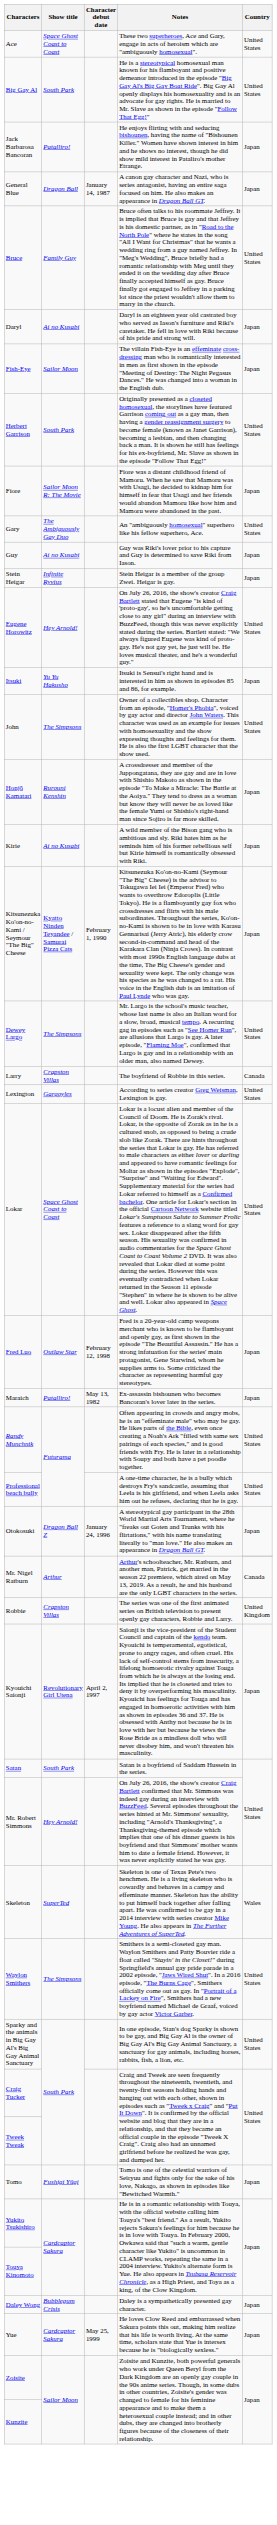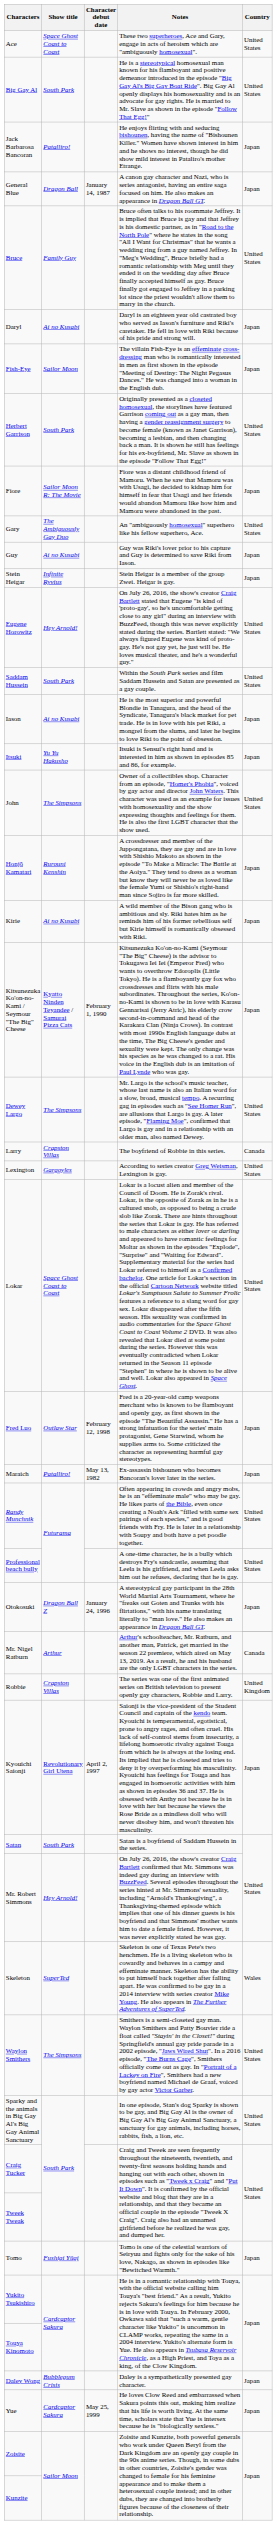 <table class="wikitable sortable collapsible collapsed" style="width: 100%">
 <tr>
 <th scope="col" style="width:12%;">Characters</th>
 <th scope="col" style="width:10%;">Show title</th>
 <th scope="col" style="width:12%;">Character debut date</th>
 <th>Notes</th>
 <th>Country</th>
 </tr>
 <tr>
 <td>Ace</td>
 <td><em><a href='#'>Space Ghost Coast to Coast</a></em></td>
 <td></td>
 <td>These two <a href='#'>superheroes</a>, Ace and Gary, engage in acts of heroism which are "ambiguously <a href='#'>homosexual</a>".</td>
 <td>United States</td>
 </tr>
 <tr>
 <td><a href='#'>Big Gay Al</a></td>
 <td><em><a href='#'>South Park</a></em></td>
 <td></td>
 <td>He is a <a href='#'>stereotypical</a> homosexual man known for his flamboyant and positive demeanor introduced in the episode "<a href='#'>Big Gay Al's Big Gay Boat Ride</a>". Big Gay Al openly displays his homosexuality and is an advocate for gay rights. He is married to Mr. Slave as shown in the episode "<a href='#'>Follow That Egg!</a>"</td>
 <td>United States</td>
 </tr>
 <tr>
 <td>Jack Barbarosa Bancoran</td>
 <td><em><a href='#'>Patalliro!</a></em></td>
 <td></td>
 <td>He enjoys flirting with and seducing <a href='#'>bishounen</a>, having the name of "Bishounen Killer." Women have shown interest in him and he shows no interest, though he did show mild interest in Pataliro's mother Etrange.</td>
 <td>Japan</td>
 </tr>
 <tr>
 <td>General Blue</td>
 <td><em><a href='#'>Dragon Ball</a></em></td>
 <td>January 14, 1987</td>
 <td>A canon gay character and Nazi, who is series antagonist, having an entire saga focused on him. He also makes an appearance in <em><a href='#'>Dragon Ball GT</a>.</em></td>
 <td>Japan</td>
 </tr>
 <tr>
 <td><a href='#'>Bruce</a></td>
 <td><em><a href='#'>Family Guy</a></em></td>
 <td></td>
 <td>Bruce often talks to his roommate Jeffrey. It is implied that Bruce is gay and that Jeffrey is his domestic partner, as in "<a href='#'>Road to the North Pole</a>" where he states in the song "All I Want for Christmas" that he wants a wedding ring from a guy named Jeffrey. In "Meg's Wedding", Bruce briefly had a romantic relationship with Meg until they ended it on the wedding day after Bruce finally accepted himself as gay. Bruce finally got engaged to Jeffrey in a parking lot since the priest wouldn't allow them to marry in the church.</td>
 <td>United States</td>
 </tr>
 <tr>
 <td>Daryl</td>
 <td><em><a href='#'>Ai no Kusabi</a></em></td>
 <td></td>
 <td>Daryl is an eighteen year old castrated boy who served as Iason's furniture and Riki's caretaker. He fell in love with Riki because of his pride and strong will.</td>
 <td>Japan</td>
 </tr>
 <tr>
 <td><a href='#'>Fish-Eye</a></td>
 <td><em><a href='#'>Sailor Moon</a></em></td>
 <td></td>
 <td>The villain Fish-Eye is an <a href='#'>effeminate</a> <a href='#'>cross-dressing</a> man who is romantically interested in men as first shown in the episode "Meeting of Destiny: The Night Pegasus Dances." He was changed into a woman in the English dub.</td>
 <td>Japan</td>
 </tr>
 <tr>
 <td><a href='#'>Herbert Garrison</a></td>
 <td><em><a href='#'>South Park</a></em></td>
 <td></td>
 <td>Originally presented as a <a href='#'>closeted homosexual</a>, the storylines have featured Garrison <a href='#'>coming out</a> as a gay man, then having a <a href='#'>gender reassignment surgery</a> to become female (known as Janet Garrison), becoming a lesbian, and then changing back a man. It is shown he still has feelings for his ex-boyfriend, Mr. Slave as shown in the episode "Follow That Egg!"</td>
 <td>United States</td>
 </tr>
 <tr>
 <td>Fiore</td>
 <td><em><a href='#'>Sailor Moon R: The Movie</a></em></td>
 <td></td>
 <td>Fiore was a distant childhood friend of Mamoru. When he saw that Mamoru was with Usagi, he decided to kidnap him for himself in fear that Usagi and her friends would abandon Mamoru like how him and Mamoru were abandoned in the past.</td>
 <td>Japan</td>
 </tr>
 <tr>
 <td>Gary</td>
 <td><em><a href='#'>The Ambiguously Gay Duo</a></em></td>
 <td></td>
 <td>An "ambiguously <a href='#'>homosexual</a>" superhero like his fellow superhero, Ace.</td>
 <td>United States</td>
 </tr>
 <tr>
 <td>Guy</td>
 <td><em><a href='#'>Ai no Kusabi</a></em></td>
 <td></td>
 <td>Guy was Riki's lover prior to his capture and Guy is determined to save Riki from Iason.</td>
 <td>Japan</td>
 </tr>
 <tr>
 <td>Stein Heigar</td>
 <td><em><a href='#'>Infinite Ryvius</a></em></td>
 <td></td>
 <td>Stein Heigar is a member of the group Zwei. Heigar is gay.</td>
 <td>Japan</td>
 </tr>
 <tr>
 <td><a href='#'>Eugene Horowitz</a></td>
 <td><em><a href='#'>Hey Arnold!</a></em></td>
 <td></td>
 <td>On July 26, 2016, the show's creator <a href='#'>Craig Bartlett</a> stated that Eugene "is kind of 'proto-gay', so he's uncomfortable getting close to any girl" during an interview with BuzzFeed, though this was never explicitly stated during the series. Bartlett stated: "We always figured Eugene was kind of proto-gay. He's not gay yet, he just will be. He loves musical theater, and he's a wonderful guy."</td>
 <td>United States</td>
+</tr>
+<tr>
+<td><a href='#'>Saddam Hussein</a></td>
+<td><em><a href='#'>South Park</a></em></td>
+<td></td>
+<td>Within the <em>South Park</em> series and film Saddam Hussein and Satan are presented as a gay couple.</td>
+<td>United States</td>
+</tr>
+<tr>
+<td>Iason</td>
+<td><em><a href='#'>Ai no Kusabi</a></em></td>
+<td></td>
+<td>He is the most superior and powerful Blondie in Tanagura, and the head of the Syndicate, Tanagura's black market for pet trade. He is in love with his pet Riki, a mongrel from the slums, and later he begins to love Riki to the point of obsession.</td>
+<td>Japan</td>
 </tr>
 <tr>
 <td><a href='#'>Itsuki</a></td>
 <td><em><a href='#'>Yu Yu Hakusho</a></em></td>
 <td></td>
 <td>Itsuki is Sensui's right hand and is interested in him as shown in episodes 85 and 86, for example.</td>
 <td>Japan</td>
 </tr>
 <tr>
 <td>John</td>
 <td><em><a href='#'>The Simpsons</a></em></td>
 <td></td>
 <td>Owner of a collectibles shop. Character from an episode, "<a href='#'>Homer's Phobia</a>", voiced by gay actor and director <a href='#'>John Waters</a>. This character was used as an example for issues with homosexuality and the show expressing thoughts and feelings for them. He is also the first LGBT character that the show used.</td>
 <td>United States</td>
 </tr>
 <tr>
 <td><a href='#'>Honjō Kamatari</a></td>
 <td><em><a href='#'>Rurouni Kenshin</a></em></td>
 <td></td>
 <td>A crossdresser and member of the Juppongatana, they are gay and are in love with Shishio Makoto as shown in the episode "To Make a Miracle: The Battle at the Aoiya." They tend to dress as a woman but know they will never be as loved like the female Yumi or Shishio's right-hand man since Sojiro is far more skilled.</td>
 <td>Japan</td>
 </tr>
 <tr>
 <td>Kirie</td>
 <td><em><a href='#'>Ai no Kusabi</a></em></td>
 <td></td>
 <td>A wild member of the Bison gang who is ambitious and sly. Riki hates him as he reminds him of his former rebellious self but Kirie himself is romantically obsessed with Riki.</td>
 <td>Japan</td>
 </tr>
 <tr>
 <td>Kitsunezuka Ko'on-no-Kami / Seymour "The Big" Cheese</td>
 <td><a href='#'>Kyatto Ninden Teyandee</a> / <a href='#'>Samurai Pizza Cats</a></td>
 <td>February 1, 1990</td>
 <td>Kitsunezuka Ko'on-no-Kami (Seymour "The Big" Cheese) is the advisor to Tokugawa Iei Iei (Emperor Fred) who wants to overthrow Edoroplis (Little Tokyo). He is a flamboyantly gay fox who crossdresses and flirts with his male subordinates. Throughout the series, Ko'on-no-Kami is shown to be in love with Karasu Gennarisai (Jerry Atric), his elderly crow second-in-command and head of the Karakara Clan (Ninja Crows). In contrast with most 1990s English language dubs at the time, The Big Cheese's gender and sexuality were kept. The only change was his species as he was changed to a rat. His voice in the English dub is an imitation of <a href='#'>Paul Lynde</a> who was gay.</td>
 <td>Japan</td>
 </tr>
 <tr>
 <td><a href='#'>Dewey Largo</a></td>
 <td><em><a href='#'>The Simpsons</a></em></td>
 <td></td>
 <td>Mr. Largo is the school's music teacher, whose last name is also an Italian word for a slow, broad, musical <a href='#'>tempo</a>. A recurring gag in episodes such as "<a href='#'>See Homer Run</a>", are allusions that Largo is gay. A later episode, "<a href='#'>Flaming Moe</a>", confirmed that Largo is gay and in a relationship with an older man, also named Dewey.</td>
 <td>United States</td>
 </tr>
 <tr>
 <td>Larry</td>
 <td><em><a href='#'>Crapston Villas</a></em></td>
 <td></td>
 <td>The boyfriend of Robbie in this series.</td>
 <td>Canada</td>
 </tr>
 <tr>
 <td>Lexington</td>
 <td><em><a href='#'>Gargoyles</a></em></td>
 <td></td>
 <td>According to series creator <a href='#'>Greg Weisman</a>, Lexington is gay.</td>
 <td>United States</td>
 </tr>
 <tr>
 <td>Lokar</td>
 <td><em><a href='#'>Space Ghost Coast to Coast</a></em></td>
 <td></td>
 <td>Lokar is a locust alien and member of the Council of Doom. He is Zorak's rival. Lokar, is the opposite of Zorak as in he is a cultured snob, as opposed to being a crude slob like Zorak. There are hints throughout the series that Lokar is gay. He has referred to male characters as either <em>lover</em> or <em>darling</em> and appeared to have romantic feelings for Moltar as shown in the episodes "Explode", "Surprise" and "Waiting for Edward". Supplementary material for the series had Lokar referred to himself as a <a href='#'>Confirmed bachelor</a>. One article for Lokar's section in the official <a href='#'>Cartoon Network</a> website titled <em>Lokar's Sumptuous Salute to Summer Frolic</em> features a reference to a slang word for gay sex. Lokar disappeared after the fifth season. His sexuality was confirmed in audio commentaries for the <em>Space Ghost Coast to Coast Volume 2</em> DVD. It was also revealed that Lokar died at some point during the series. However this was eventually contradicted when Lokar returned in the Season 11 episode "Stephen" in where he is shown to be alive and well. Lokar also appeared in <em><a href='#'>Space Ghost</a>.</em></td>
 <td>United States</td>
 </tr>
 <tr>
 <td><a href='#'>Fred Luo</a></td>
 <td><em><a href='#'>Outlaw Star</a></em></td>
 <td>February 12, 1998</td>
 <td>Fred is a 20-year-old camp weapons merchant who is known to be flamboyant and openly gay, as first shown in the episode "The Beautiful Assassin." He has a strong infatuation for the series' main protagonist, Gene Starwind, whom he supplies arms to. Some criticized the character as representing harmful gay stereotypes.</td>
 <td>Japan</td>
 </tr>
 <tr>
 <td>Maraich</td>
 <td><em><a href='#'>Patalliro!</a></em></td>
 <td>May 13, 1982</td>
 <td>Ex-assassin bishounen who becomes Bancoran's lover later in the series.</td>
 <td>Japan</td>
 </tr>
 <tr>
 <td><em><a href='#'>Randy Munchnik</a></em></td>
 <td rowspan="2"><em><a href='#'>Futurama</a></em></td>
 <td></td>
 <td>Often appearing in crowds and angry mobs, he is an "effeminate male" who may be gay. He likes parts of <a href='#'>the Bible</a>, even once creating a Noah's Ark "filled with same sex pairings of each species," and is good friends with Fry. He is later in a relationship with Soupy and both have a pet poodle together.</td>
 <td>United States</td>
 </tr>
 <tr>
 <td><a href='#'>Professional beach bully</a></td>
 <td></td>
 <td>A one-time character, he is a bully which destroys Fry's sandcastle, assuming that Leela is his girlfriend, and when Leela asks him out he refuses, declaring that he is gay.</td>
 <td>United States</td>
 </tr>
 <tr>
 <td>Otokosuki</td>
 <td><em><a href='#'>Dragon Ball Z</a></em></td>
 <td>January 24, 1996</td>
 <td>A stereotypical gay participant in the 28th World Martial Arts Tournament, where he "freaks out Goten and Trunks with his flirtations," with his name translating literally to "man love." He also makes an appearance in <em><a href='#'>Dragon Ball GT</a>.</em></td>
 <td>Japan</td>
 </tr>
 <tr>
 <td rowspan="2">Mr. Nigel Ratburn</td>
 <td rowspan="2"><em><a href='#'>Arthur</a></em></td>
 <td rowspan="2"></td>
 <td rowspan="2"><a href='#'>Arthur</a>'s schoolteacher, Mr. Ratburn, and another man, Patrick, get married in the season 22 premiere, which aired on May 13, 2019. As a result, he and his husband are the only LGBT characters in the series.</td>
 </tr>
 <tr>
 <td>Canada</td>
 </tr>
 <tr>
 <td>Robbie</td>
 <td><em><a href='#'>Crapston Villas</a></em></td>
 <td></td>
 <td>The series was one of the first animated series on British television to present openly gay characters, Robbie and Larry.</td>
 <td>United Kingdom</td>
 </tr>
 <tr>
 <td>Kyouichi Saionji</td>
 <td><a href='#'>Revolutionary Girl Utena</a></td>
 <td>April 2, 1997</td>
 <td>Saionji is the vice-president of the Student Council and captain of the <a href='#'>kendo</a> team. Kyouichi is temperamental, egotistical, prone to angry rages, and often cruel. His lack of self-control stems from insecurity, a lifelong homoerotic rivalry against Touga from which he is always at the losing end. Its implied that he is closeted and tries to deny it by overperforming his masculinity. Kyouichi has feelings for Touga and has engaged in homoerotic activities with him as shown in episodes 36 and 37. He is obsessed with Anthy not because he is in love with her but because he views the Rose Bride as a mindless doll who will never disobey him, and won't threaten his masculinity.</td>
 <td>Japan</td>
 </tr>
 <tr>
 <td><a href='#'>Satan</a></td>
 <td><em><a href='#'>South Park</a></em></td>
 <td></td>
 <td>Satan is a boyfriend of Saddam Hussein in the series.</td>
 <td rowspan="2">United States</td>
 </tr>
 <tr>
 <td>Mr. Robert Simmons</td>
 <td><em><a href='#'>Hey Arnold!</a></em></td>
 <td></td>
 <td>On July 26, 2016, the show's creator <a href='#'>Craig Bartlett</a> confirmed that Mr. Simmons was indeed gay during an interview with <a href='#'>BuzzFeed</a>. Several episodes throughout the series hinted at Mr. Simmons' sexuality, including "Arnold's Thanksgiving", a Thanksgiving-themed episode which implies that one of his dinner guests is his boyfriend and that Simmons' mother wants him to date a female friend. However, it was never explicitly stated he was gay.</td>
 </tr>
 <tr>
 <td>Skeleton</td>
 <td><em><a href='#'>SuperTed</a></em></td>
 <td></td>
 <td>Skeleton is one of Texas Pete's two henchmen. He is a living skeleton who is cowardly and behaves in a campy and effeminate manner. Skeleton has the ability to put himself back together after falling apart. He was confirmed to be gay in a 2014 interview with series creator <a href='#'>Mike Young</a>. He also appears in <em><a href='#'>The Further Adventures of SuperTed</a>.</em></td>
 <td>Wales</td>
 </tr>
 <tr>
 <td><a href='#'>Waylon Smithers</a></td>
 <td><em><a href='#'>The Simpsons</a></em></td>
 <td></td>
 <td>Smithers is a semi-closeted gay man. Waylon Smithers and Patty Bouvier ride a float called <em>"Stayin' in the Closet!"</em> during Springfield's annual gay pride parade in a 2002 episode, "<a href='#'>Jaws Wired Shut</a>". In a 2016 episode, "<a href='#'>The Burns Cage</a>", Smithers officially come out as gay. In "<a href='#'>Portrait of a Lackey on Fire</a>", Smithers had a new boyfriend named Michael de Graaf, voiced by gay actor <a href='#'>Victor Garber</a>.</td>
 <td>United States</td>
 </tr>
 <tr>
 <td>Sparky and the animals in Big Gay Al's Big Gay Animal Sanctuary</td>
 <td rowspan="3"><em><a href='#'>South Park</a></em></td>
 <td></td>
 <td>In one episode, Stan's dog Sparky is shown to be gay, and Big Gay Al is the owner of Big Gay Al's Big Gay Animal Sanctuary, a sanctuary for gay animals, including horses, rabbits, fish, a lion, etc.</td>
 <td>United States</td>
 </tr>
 <tr>
 <td><a href='#'>Craig Tucker</a></td>
 <td rowspan="2"></td>
 <td rowspan="2">Craig and Tweek are seen frequently throughout the nineteenth, twentieth, and twenty-first seasons holding hands and hanging out with each other, shown in episodes such as "<a href='#'>Tweek x Craig</a>" and "<a href='#'>Put It Down</a>". It is confirmed by the official website and blog that they are in a relationship, and that they became an official couple in the episode "Tweek X Craig". Craig also had an unnamed girlfriend before he realized he was gay, and dumped her.</td>
 <td rowspan="2">United States</td>
 </tr>
 <tr>
 <td><a href='#'>Tweek Tweak</a></td>
 </tr>
 <tr>
 <td>Tomo</td>
 <td><em><a href='#'>Fushigi Yûgi</a></em></td>
 <td></td>
 <td>Tomo is one of the celestial warriors of Seiryuu and fights only for the sake of his love, Nakago, as shown in episodes like "Bewitched Warmth."</td>
 <td>Japan</td>
 </tr>
 <tr>
 <td><a href='#'>Yukito Tsukishiro</a></td>
 <td rowspan="2"><em><a href='#'>Cardcaptor Sakura</a></em></td>
 <td rowspan="2"></td>
 <td rowspan="2">He is in a romantic relationship with Touya, with the official website calling him Touya's "best friend." As a result, Yukito rejects Sakura's feelings for him because he is in love with Touya. In February 2000, Owkawa said that "such a warm, gentle character like Yukito" is uncommon in CLAMP works, repeating the same in a 2004 interview.  Yukito's alternate form is Yue. He also appears in <em><a href='#'>Tsubasa Reservoir Chronicle</a></em>, as a High Priest, and Toya as a king, of the Clow Kingdom.</td>
 <td rowspan="2">Japan</td>
 </tr>
 <tr>
 <td><a href='#'>Touya Kinomoto</a></td>
 </tr>
 <tr>
 <td><a href='#'>Daley Wong</a></td>
 <td><em><a href='#'>Bubblegum Crisis</a></em></td>
 <td></td>
 <td>Daley is a sympathetically presented gay character.</td>
 <td>Japan</td>
 </tr>
 <tr>
 <td>Yue</td>
 <td><em><a href='#'>Cardcaptor Sakura</a></em></td>
 <td>May 25, 1999</td>
 <td>He loves Clow Reed and embarrassed when Sakura points this out, making him realize that his life is worth living. At the same time, scholars state that Yue is intersex because he is "biologically sexless."</td>
 <td>Japan</td>
 </tr>
 <tr>
 <td><a href='#'>Zoisite</a></td>
 <td rowspan="2"><em><a href='#'>Sailor Moon</a></em></td>
 <td rowspan="2"></td>
 <td rowspan="2">Zoisite and Kunzite, both powerful generals who work under Queen Beryl from the Dark Kingdom are an openly gay couple in the 90s anime series. Though, in some dubs in other countries, Zoisite's gender was changed to female for his feminine appearance and to make them a heterosexual couple instead; and in other dubs, they are changed into brotherly figures because of the closeness of their relationship.</td>
 <td rowspan="2">Japan</td>
 </tr>
 <tr>
 <td><a href='#'>Kunzite</a></td>
 </tr>
 </table>
